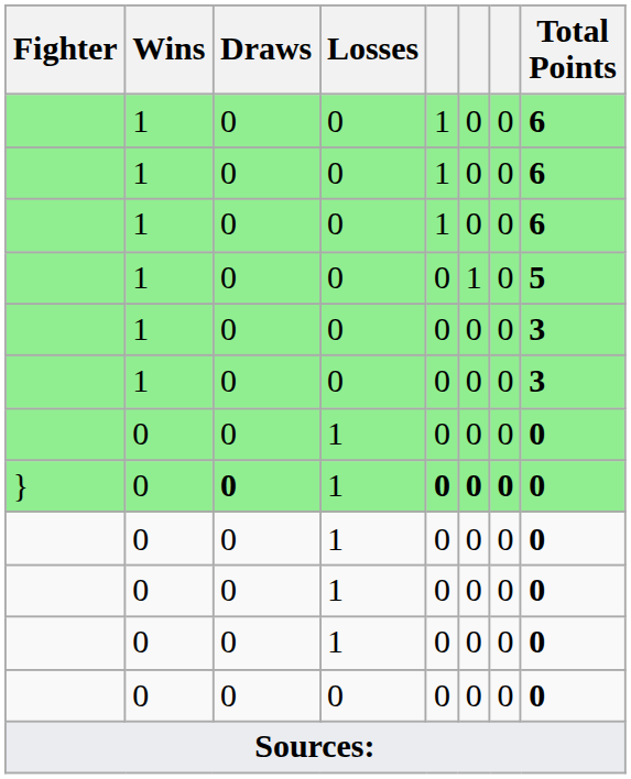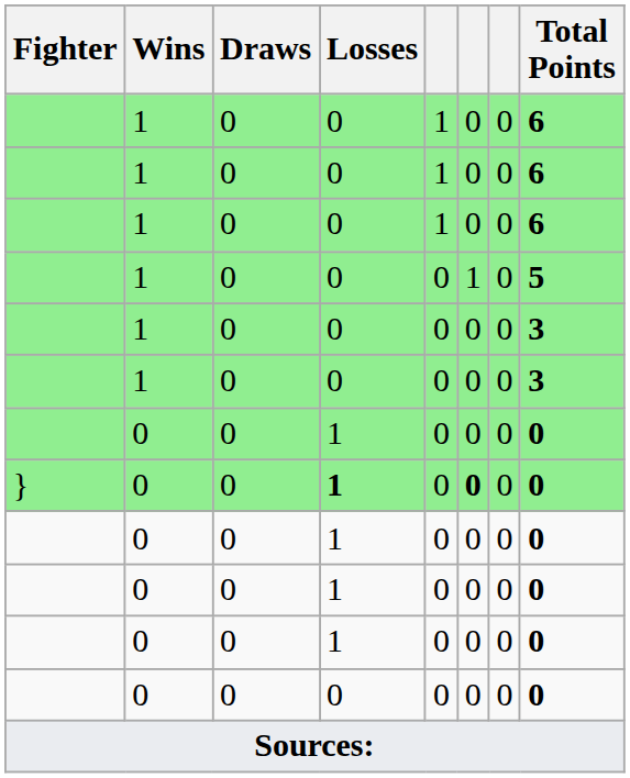 <table class="wikitable sortable">
 <tr>
 <th>Fighter</th>
 <th>Wins</th>
 <th>Draws</th>
 <th>Losses</th>
 <th></th>
 <th></th>
 <th></th>
 <th>Total<br> Points</th>
 </tr>
 <tr>
 <td style="background:#90EE90;"></td>
 <td style="background:#90EE90;">1</td>
 <td style="background:#90EE90;">0</td>
 <td style="background:#90EE90;">0</td>
 <td style="background:#90EE90;">1</td>
 <td style="background:#90EE90;">0</td>
 <td style="background:#90EE90;">0</td>
 <td style="background:#90EE90;"><strong>6</strong></td>
 </tr>
 <tr>
 <td style="background:#90EE90;"></td>
 <td style="background:#90EE90;">1</td>
 <td style="background:#90EE90;">0</td>
 <td style="background:#90EE90;">0</td>
 <td style="background:#90EE90;">1</td>
 <td style="background:#90EE90;">0</td>
 <td style="background:#90EE90;">0</td>
 <td style="background:#90EE90;"><strong>6</strong></td>
 </tr>
 <tr>
 <td style="background:#90EE90;"></td>
 <td style="background:#90EE90;">1</td>
 <td style="background:#90EE90;">0</td>
 <td style="background:#90EE90;">0</td>
 <td style="background:#90EE90;">1</td>
 <td style="background:#90EE90;">0</td>
 <td style="background:#90EE90;">0</td>
 <td style="background:#90EE90;"><strong>6</strong></td>
 </tr>
 <tr>
 <td style="background:#90EE90;"></td>
 <td style="background:#90EE90;">1</td>
 <td style="background:#90EE90;">0</td>
 <td style="background:#90EE90;">0</td>
 <td style="background:#90EE90;">0</td>
 <td style="background:#90EE90;">1</td>
 <td style="background:#90EE90;">0</td>
 <td style="background:#90EE90;"><strong>5</strong></td>
 </tr>
 <tr>
 <td style="background:#90EE90;"></td>
 <td style="background:#90EE90;">1</td>
 <td style="background:#90EE90;">0</td>
 <td style="background:#90EE90;">0</td>
 <td style="background:#90EE90;">0</td>
 <td style="background:#90EE90;">0</td>
 <td style="background:#90EE90;">0</td>
 <td style="background:#90EE90;"><strong>3</strong></td>
 </tr>
 <tr>
 <td style="background:#90EE90;"></td>
 <td style="background:#90EE90;">1</td>
 <td style="background:#90EE90;">0</td>
 <td style="background:#90EE90;">0</td>
 <td style="background:#90EE90;">0</td>
 <td style="background:#90EE90;">0</td>
 <td style="background:#90EE90;">0</td>
 <td style="background:#90EE90;"><strong>3</strong></td>
 </tr>
 <tr>
 <td style="background:#90EE90;"></td>
 <td style="background:#90EE90;">0</td>
 <td style="background:#90EE90;">0</td>
 <td style="background:#90EE90;">1</td>
 <td style="background:#90EE90;">0</td>
 <td style="background:#90EE90;">0</td>
 <td style="background:#90EE90;">0</td>
 <td style="background:#90EE90;"><strong>0</strong></td>
 </tr>
 <tr>
 <td style="background:#90EE90;">} </td>
 <td style="background:#90EE90;">0</td>
+<td style="background:#90EE90;">0</td>
+<td style="background:#90EE90;"><strong>1</strong></td>
+<td style="background:#90EE90;">0</td>
 <td style="background:#90EE90;"><strong>0</strong></td>
-<td style="background:#90EE90;">1</td>
-<td style="background:#90EE90;"><strong>0</strong></td>
-<td style="background:#90EE90;"><strong>0</strong></td>
-<td style="background:#90EE90;"><strong>0</strong></td>
+<td style="background:#90EE90;">0</td>
 <td style="background:#90EE90;"><strong>0</strong></td>
 </tr>
 <tr>
 <td></td>
 <td>0</td>
 <td>0</td>
 <td>1</td>
 <td>0</td>
 <td>0</td>
 <td>0</td>
 <td><strong>0</strong></td>
 </tr>
 <tr>
 <td></td>
 <td>0</td>
 <td>0</td>
 <td>1</td>
 <td>0</td>
 <td>0</td>
 <td>0</td>
 <td><strong>0</strong></td>
 </tr>
 <tr>
 <td></td>
 <td>0</td>
 <td>0</td>
 <td>1</td>
 <td>0</td>
 <td>0</td>
 <td>0</td>
 <td><strong>0</strong></td>
 </tr>
 <tr>
 <td></td>
 <td>0</td>
 <td>0</td>
 <td>0</td>
 <td>0</td>
 <td>0</td>
 <td>0</td>
 <td><strong>0</strong></td>
 </tr>
 <tr>
 <td colspan="9" style="background-color:#EAECF0; text-align:center"><strong>Sources:</strong></td>
 </tr>
 </table>
